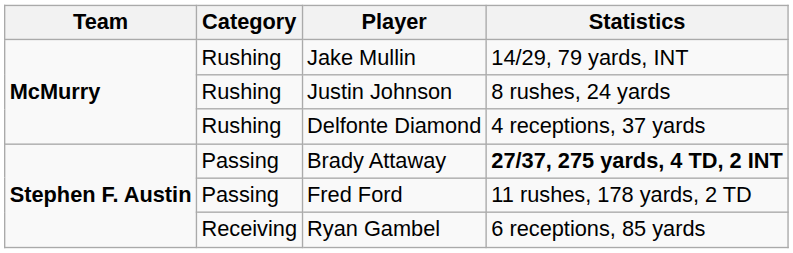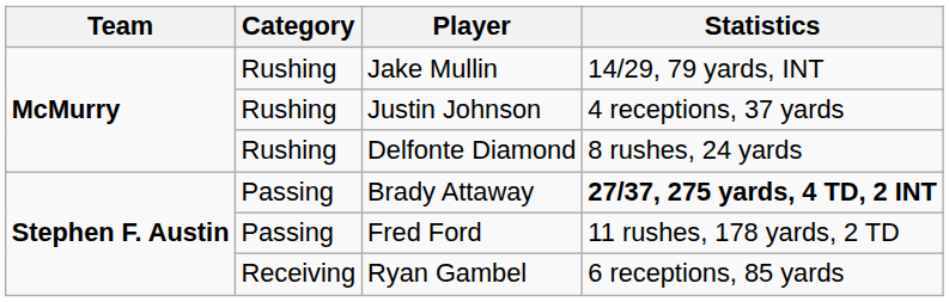 <table class="wikitable" style="float: left;">
 <tr>
 <th>Team</th>
 <th>Category</th>
 <th>Player</th>
 <th>Statistics</th>
 </tr>
 <tr>
 <td rowspan=3><strong>McMurry</strong></td>
 <td>Rushing</td>
 <td>Jake Mullin</td>
 <td>14/29, 79 yards, INT</td>
 </tr>
 <tr>
 <td>Rushing</td>
 <td>Justin Johnson</td>
-<td>8 rushes, 24 yards</td>
+<td>4 receptions, 37 yards</td>
 </tr>
 <tr>
 <td>Rushing</td>
 <td>Delfonte Diamond</td>
-<td>4 receptions, 37 yards</td>
+<td>8 rushes, 24 yards</td>
 </tr>
 <tr>
 <td rowspan=3><strong>Stephen F. Austin</strong></td>
 <td>Passing</td>
 <td>Brady Attaway</td>
 <td><strong>27/37, 275 yards, 4 TD, 2 INT</strong></td>
 </tr>
 <tr>
 <td>Passing</td>
 <td>Fred Ford</td>
 <td>11 rushes, 178 yards, 2 TD</td>
 </tr>
 <tr>
 <td>Receiving</td>
 <td>Ryan Gambel</td>
 <td>6 receptions, 85 yards</td>
 </tr>
 </table>
